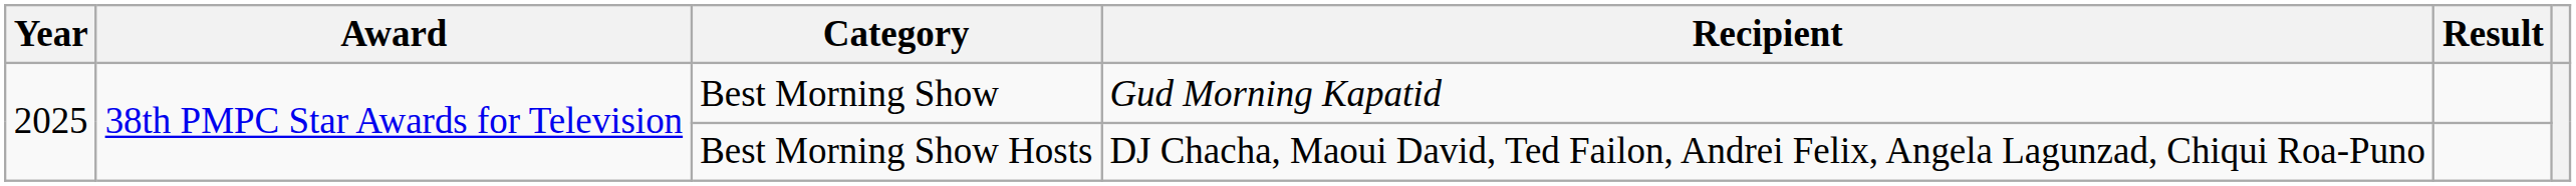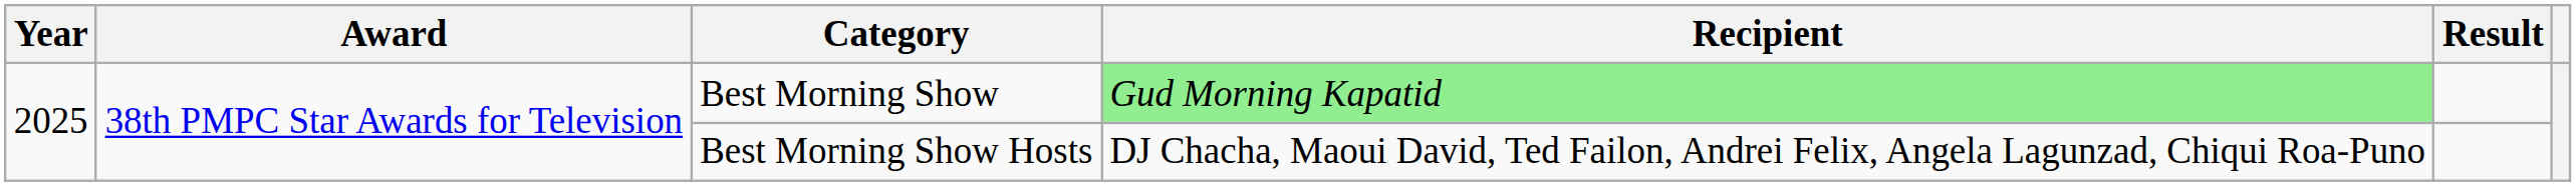 <table class="wikitable">
 <tr>
 <th>Year</th>
 <th>Award</th>
 <th>Category</th>
 <th>Recipient</th>
 <th>Result</th>
 <th></th>
 </tr>
 <tr>
 <td rowspan=2>2025</td>
 <td rowspan=2><a href='#'>38th PMPC Star Awards for Television</a></td>
 <td>Best Morning Show</td>
-<td><em>Gud Morning Kapatid</em></td>
+<td style="background: lightgreen;"><em>Gud Morning Kapatid</em></td>
 <td></td>
 <th rowspan=17></th>
 </tr>
 <tr>
 <td>Best Morning Show Hosts</td>
 <td>DJ Chacha, Maoui David, Ted Failon, Andrei Felix, Angela Lagunzad, Chiqui Roa-Puno</td>
 <td></td>
 </tr>
 </table>
